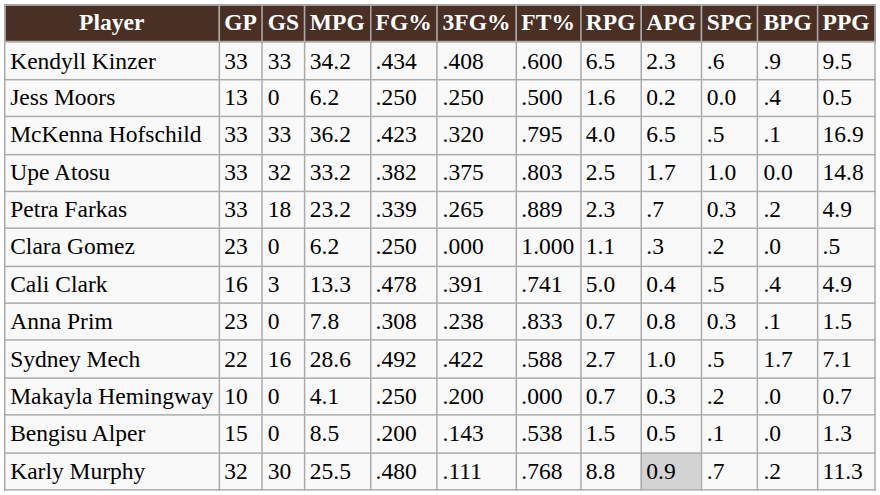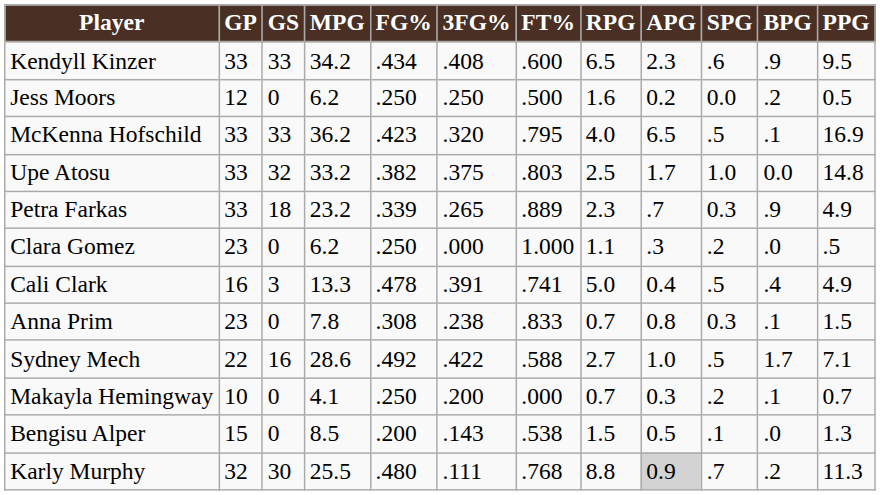 <table class="wikitable sortable">
 <tr>
 <th style="background:#492f24; color:white">Player</th>
 <th style="background:#492f24; color:white">GP</th>
 <th style="background:#492f24; color:white">GS</th>
 <th style="background:#492f24; color:white">MPG</th>
 <th style="background:#492f24; color:white">FG%</th>
 <th style="background:#492f24; color:white">3FG%</th>
 <th style="background:#492f24; color:white">FT%</th>
 <th style="background:#492f24; color:white;">RPG</th>
 <th style="background:#492f24; color:white;">APG</th>
 <th style="background:#492f24; color:white;">SPG</th>
 <th style="background:#492f24; color:white;">BPG</th>
 <th style="background:#492f24; color:white;">PPG</th>
 </tr>
 <tr>
 <td>Kendyll Kinzer</td>
 <td>33</td>
 <td>33</td>
 <td>34.2</td>
 <td>.434</td>
 <td>.408</td>
 <td>.600</td>
 <td>6.5</td>
 <td>2.3</td>
 <td>.6</td>
 <td>.9</td>
 <td>9.5</td>
 </tr>
 <tr>
 <td>Jess Moors</td>
-<td>13</td>
+<td>12</td>
 <td>0</td>
 <td>6.2</td>
 <td>.250</td>
 <td>.250</td>
 <td>.500</td>
 <td>1.6</td>
 <td>0.2</td>
 <td>0.0</td>
-<td>.4</td>
+<td>.2</td>
 <td>0.5</td>
 </tr>
 <tr>
 <td>McKenna Hofschild</td>
 <td>33</td>
 <td>33</td>
 <td>36.2</td>
 <td>.423</td>
 <td>.320</td>
 <td>.795</td>
 <td>4.0</td>
 <td>6.5</td>
 <td>.5</td>
 <td>.1</td>
 <td>16.9</td>
 </tr>
 <tr>
 <td>Upe Atosu</td>
 <td>33</td>
 <td>32</td>
 <td>33.2</td>
 <td>.382</td>
 <td>.375</td>
 <td>.803</td>
 <td>2.5</td>
 <td>1.7</td>
 <td>1.0</td>
 <td>0.0</td>
 <td>14.8</td>
 </tr>
 <tr>
 <td>Petra Farkas</td>
 <td>33</td>
 <td>18</td>
 <td>23.2</td>
 <td>.339</td>
 <td>.265</td>
 <td>.889</td>
 <td>2.3</td>
 <td>.7</td>
 <td>0.3</td>
-<td>.2</td>
+<td>.9</td>
 <td>4.9</td>
 </tr>
 <tr>
 <td>Clara Gomez</td>
 <td>23</td>
 <td>0</td>
 <td>6.2</td>
 <td>.250</td>
 <td>.000</td>
 <td>1.000</td>
 <td>1.1</td>
 <td>.3</td>
 <td>.2</td>
 <td>.0</td>
 <td>.5</td>
 </tr>
 <tr>
 <td>Cali Clark</td>
 <td>16</td>
 <td>3</td>
 <td>13.3</td>
 <td>.478</td>
 <td>.391</td>
 <td>.741</td>
 <td>5.0</td>
 <td>0.4</td>
 <td>.5</td>
 <td>.4</td>
 <td>4.9</td>
 </tr>
 <tr>
 <td>Anna Prim</td>
 <td>23</td>
 <td>0</td>
 <td>7.8</td>
 <td>.308</td>
 <td>.238</td>
 <td>.833</td>
 <td>0.7</td>
 <td>0.8</td>
 <td>0.3</td>
 <td>.1</td>
 <td>1.5</td>
 </tr>
 <tr>
 <td>Sydney Mech</td>
 <td>22</td>
 <td>16</td>
 <td>28.6</td>
 <td>.492</td>
 <td>.422</td>
 <td>.588</td>
 <td>2.7</td>
 <td>1.0</td>
 <td>.5</td>
 <td>1.7</td>
 <td>7.1</td>
 </tr>
 <tr>
 <td>Makayla Hemingway</td>
 <td>10</td>
 <td>0</td>
 <td>4.1</td>
 <td>.250</td>
 <td>.200</td>
 <td>.000</td>
 <td>0.7</td>
 <td>0.3</td>
 <td>.2</td>
-<td>.0</td>
+<td>.1</td>
 <td>0.7</td>
 </tr>
 <tr>
 <td>Bengisu Alper</td>
 <td>15</td>
 <td>0</td>
 <td>8.5</td>
 <td>.200</td>
 <td>.143</td>
 <td>.538</td>
 <td>1.5</td>
 <td>0.5</td>
 <td>.1</td>
 <td>.0</td>
 <td>1.3</td>
 </tr>
 <tr>
 <td>Karly Murphy</td>
 <td>32</td>
 <td>30</td>
 <td>25.5</td>
 <td>.480</td>
 <td>.111</td>
 <td>.768</td>
 <td>8.8</td>
 <td style="background: lightgrey;">0.9</td>
 <td>.7</td>
 <td>.2</td>
 <td>11.3</td>
 </tr>
 </table>
